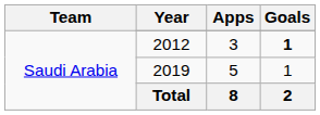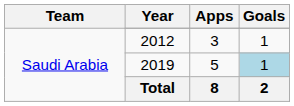 <table class="wikitable" style="text-align: center;">
 <tr>
 <th width="120">Team</th>
 <th width="60">Year</th>
 <th width="45">Apps</th>
 <th width="45">Goals</th>
 </tr>
 <tr>
 <td rowspan=10><a href='#'>Saudi Arabia</a></td>
 </tr>
 <tr>
 <td>2012</td>
 <td>3</td>
-<td><strong>1</strong></td>
+<td>1</td>
 </tr>
 <tr>
 <td>2019</td>
 <td>5</td>
-<td>1</td>
+<td style="background: lightblue;">1</td>
 </tr>
 <tr>
 <th>Total</th>
 <th>8</th>
 <th>2</th>
 </tr>
 </table>
